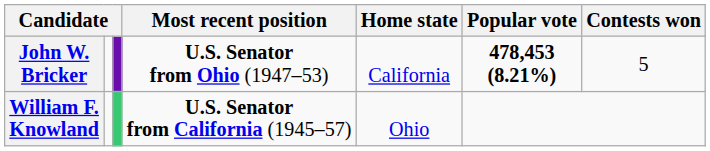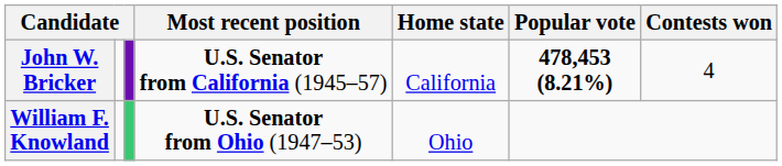 <table class="wikitable sortable" style="text-align:center;">
 <tr>
 <th colspan="3">Candidate</th>
 <th class="unsortable">Most recent position</th>
 <th>Home state</th>
 <th>Popular vote</th>
 <th>Contests won</th>
 </tr>
 <tr>
 <th scope="row" data-sort-value="Dewey"><a href='#'>John W.</a><br><a href='#'>Bricker</a></th>
 <td></td>
 <td style="background:#6a0dad;"></td>
-<td><strong>U.S. Senator</strong><br><strong>from <a href='#'>Ohio</a></strong> (1947–53)</td>
+<td><strong>U.S. Senator</strong><br><strong>from <a href='#'>California</a></strong> (1945–57)</td>
 <td><br><a href='#'>California</a></td>
 <td><strong>478,453<br>(8.21%)</strong></td>
-<td>5</td>
+<td>4</td>
 </tr>
 <tr>
 <th scope="row" data-sort-value="Taft"><a href='#'>William F.</a><br><a href='#'>Knowland</a></th>
 <td></td>
 <td style="background:#37C871;"></td>
-<td><strong>U.S. Senator</strong><br><strong>from <a href='#'>California</a></strong> (1945–57)</td>
+<td><strong>U.S. Senator</strong><br><strong>from <a href='#'>Ohio</a></strong> (1947–53)</td>
 <td><br><a href='#'>Ohio</a></td>
 <td colspan="2"></td>
 </tr>
 </table>
